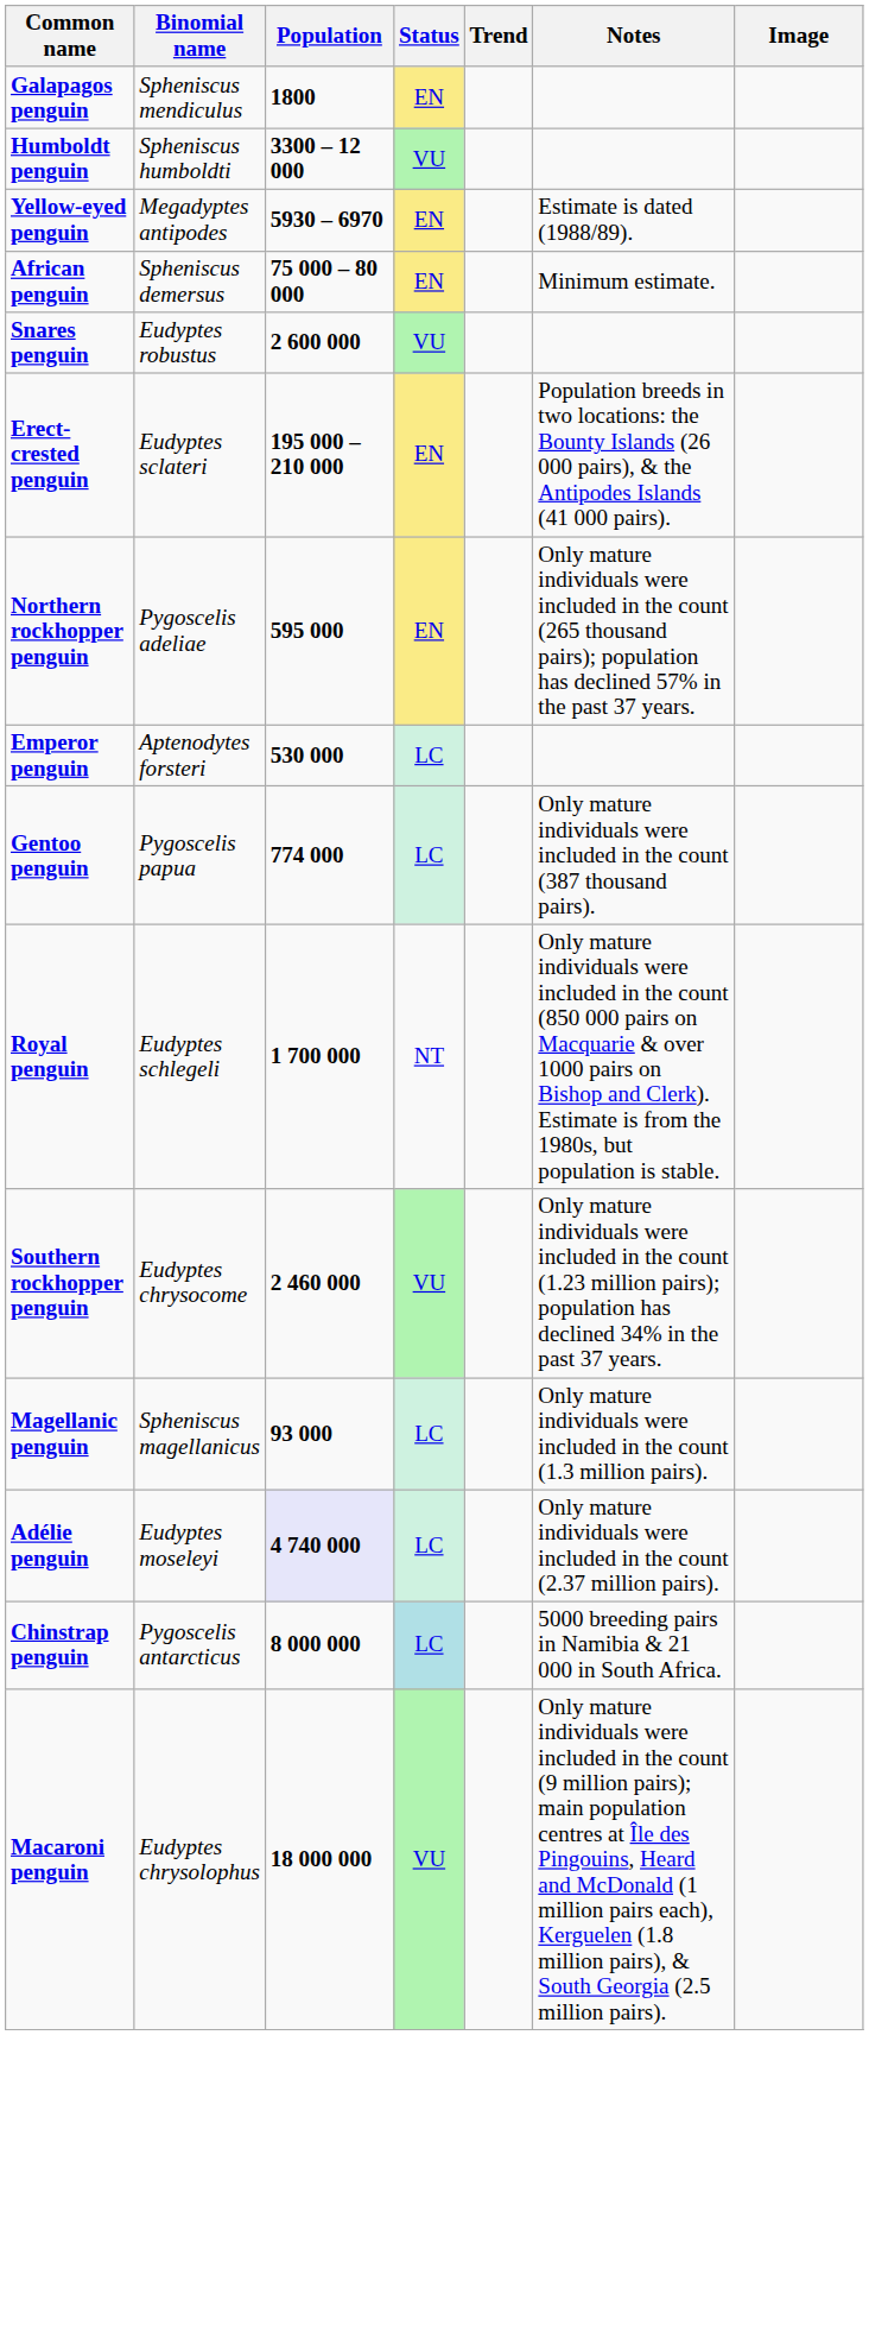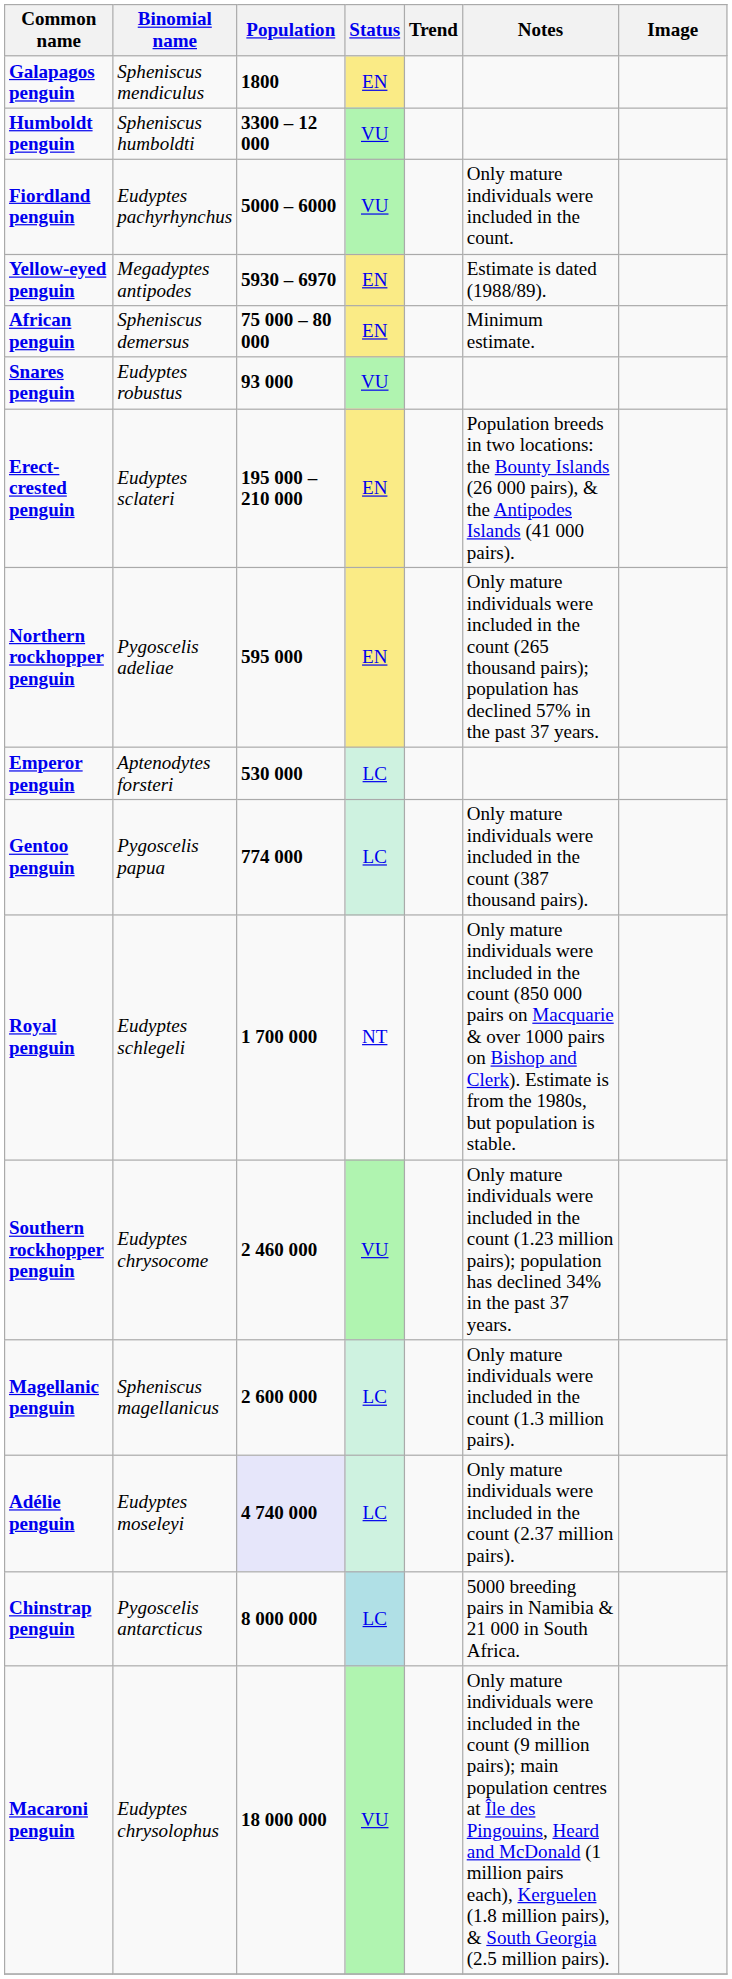 <table class="wikitable sortable">
 <tr>
 <th width="15%">Common name</th>
 <th width="15%"><a href='#'>Binomial name</a></th>
 <th data-sort-type="number"  width="15%"><a href='#'>Population</a></th>
 <th width="5%"><a href='#'>Status</a></th>
 <th width="5%">Trend</th>
 <th class="unsortable">Notes</th>
 <th width="15%" class="unsortable">Image</th>
 </tr>
 <tr>
 <td><strong><a href='#'>Galapagos penguin</a></strong></td>
 <td><em>Spheniscus mendiculus</em></td>
 <td><strong>1800</strong></td>
 <td align=center style="background:#FAEB86"><a href='#'>EN</a></td>
 <td align=center></td>
 <td></td>
 <td></td>
 </tr>
 <tr>
 <td><strong><a href='#'>Humboldt penguin</a></strong></td>
 <td><em>Spheniscus humboldti</em></td>
 <td><strong>3300 – 12 000</strong></td>
 <td align=center style="background:#b0f4b0"><a href='#'>VU</a></td>
 <td align=center></td>
 <td></td>
 <td></td>
 </tr>
 <tr>
+<td><strong><a href='#'>Fiordland penguin</a></strong></td>
+<td><em>Eudyptes pachyrhynchus</em></td>
+<td><strong>5000 – 6000</strong></td>
+<td align=center style="background:#b0f4b0"><a href='#'>VU</a></td>
+<td align=center></td>
+<td>Only mature individuals were included in the count.</td>
+<td></td>
+</tr>
+<tr>
 <td><strong><a href='#'>Yellow-eyed penguin</a></strong></td>
 <td><em>Megadyptes antipodes</em></td>
 <td><strong>5930 – 6970</strong></td>
 <td align=center style="background:#FAEB86"><a href='#'>EN</a></td>
 <td align=center></td>
 <td>Estimate is dated (1988/89).</td>
 <td></td>
 </tr>
 <tr>
 <td><strong><a href='#'>African penguin</a></strong></td>
 <td><em>Spheniscus demersus</em></td>
 <td><strong>75 000 – 80 000</strong></td>
 <td align=center style="background:#FAEB86"><a href='#'>EN</a></td>
 <td align=center></td>
 <td>Minimum estimate.</td>
 <td></td>
 </tr>
 <tr>
 <td><strong><a href='#'>Snares penguin</a></strong></td>
 <td><em>Eudyptes robustus</em></td>
-<td><strong>2 600 000</strong></td>
+<td><strong>93 000</strong></td>
 <td align=center style="background:#b0f4b0"><a href='#'>VU</a></td>
 <td align=center></td>
 <td></td>
 <td></td>
 </tr>
 <tr>
 <td><strong><a href='#'>Erect-crested penguin</a></strong></td>
 <td><em>Eudyptes sclateri</em></td>
 <td><strong>195 000 – 210 000</strong></td>
 <td align=center style="background:#FAEB86"><a href='#'>EN</a></td>
 <td align=center></td>
 <td>Population breeds in two locations: the <a href='#'>Bounty Islands</a> (26 000 pairs), & the <a href='#'>Antipodes Islands</a> (41 000 pairs).</td>
 <td></td>
 </tr>
 <tr>
 <td><strong><a href='#'>Northern rockhopper penguin</a></strong></td>
 <td><em>Pygoscelis adeliae</em></td>
 <td><strong>595 000</strong></td>
 <td align=center style="background:#FAEB86"><a href='#'>EN</a></td>
 <td align=center></td>
 <td>Only mature individuals were included in the count (265 thousand pairs); population has declined 57% in the past 37 years.</td>
 <td></td>
 </tr>
 <tr>
 <td><strong><a href='#'>Emperor penguin</a></strong></td>
 <td><em>Aptenodytes forsteri</em></td>
 <td><strong>530 000</strong></td>
 <td align=center style="background:#CEF2E0"><a href='#'>LC</a></td>
 <td align=center></td>
 <td></td>
 <td></td>
 </tr>
 <tr>
 <td><strong><a href='#'>Gentoo penguin</a></strong></td>
 <td><em>Pygoscelis papua</em></td>
 <td><strong>774 000</strong></td>
 <td align=center style="background:#CEF2E0"><a href='#'>LC</a></td>
 <td align=center></td>
 <td>Only mature individuals were included in the count (387 thousand pairs).</td>
 <td></td>
 </tr>
 <tr>
 <td><strong><a href='#'>Royal penguin</a></strong></td>
 <td><em>Eudyptes schlegeli</em></td>
 <td><strong>1 700 000</strong></td>
 <td align=center style="background:#B0E0E6”"><a href='#'>NT</a></td>
 <td align=center></td>
 <td>Only mature individuals were included in the count (850 000 pairs on <a href='#'>Macquarie</a> & over 1000 pairs on <a href='#'>Bishop and Clerk</a>). Estimate is from the 1980s, but population is stable.</td>
 <td></td>
 </tr>
 <tr>
 <td><strong><a href='#'>Southern rockhopper penguin</a></strong></td>
 <td><em>Eudyptes chrysocome</em></td>
 <td><strong>2 460 000</strong></td>
 <td align=center style="background:#b0f4b0"><a href='#'>VU</a></td>
 <td align=center></td>
 <td>Only mature individuals were included in the count (1.23 million pairs); population has declined 34% in the past 37 years.</td>
 <td></td>
 </tr>
 <tr>
 <td><strong><a href='#'>Magellanic penguin</a></strong></td>
 <td><em>Spheniscus magellanicus</em></td>
-<td><strong>93 000</strong></td>
+<td><strong>2 600 000</strong></td>
 <td align=center style="background:#CEF2E0"><a href='#'>LC</a></td>
 <td align=center></td>
 <td>Only mature individuals were included in the count (1.3 million pairs).</td>
 <td></td>
 </tr>
 <tr>
 <td><strong><a href='#'>Adélie penguin</a></strong></td>
 <td><em>Eudyptes moseleyi</em></td>
 <td style="background: lavender;"><strong>4 740 000</strong></td>
 <td align=center style="background:#CEF2E0"><a href='#'>LC</a></td>
 <td align=center></td>
 <td>Only mature individuals were included in the count (2.37 million pairs).</td>
 <td></td>
 </tr>
 <tr>
 <td><strong><a href='#'>Chinstrap penguin</a></strong></td>
 <td><em>Pygoscelis antarcticus</em></td>
 <td><strong>8 000 000</strong></td>
 <td align=center style="background:#B0E0E6"><a href='#'>LC</a></td>
 <td align=center></td>
 <td>5000 breeding pairs in Namibia & 21 000 in South Africa.</td>
 <td></td>
 </tr>
 <tr>
 <td><strong><a href='#'>Macaroni penguin</a></strong></td>
 <td><em>Eudyptes chrysolophus</em></td>
 <td><strong>18 000 000</strong></td>
 <td align=center style="background:#b0f4b0"><a href='#'>VU</a></td>
 <td align=center></td>
 <td>Only mature individuals were included in the count (9 million pairs); main population centres at <a href='#'>Île des Pingouins</a>, <a href='#'>Heard and McDonald</a> (1 million pairs each), <a href='#'>Kerguelen</a> (1.8 million pairs), & <a href='#'>South Georgia</a> (2.5 million pairs).</td>
 <td></td>
 </tr>
 <tr>
 </tr>
 </table>
